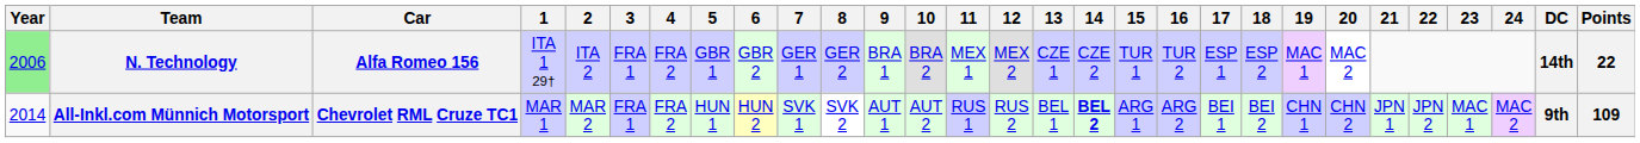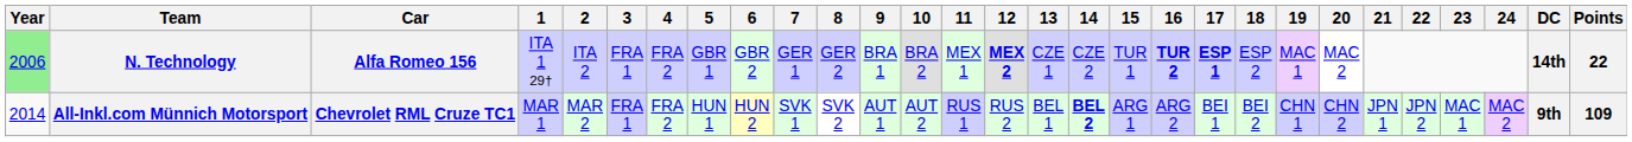 <table class="wikitable" style="text-align:center; font-size:85%">
 <tr>
 <th>Year</th>
 <th>Team</th>
 <th>Car</th>
 <th>1</th>
 <th>2</th>
 <th>3</th>
 <th>4</th>
 <th>5</th>
 <th>6</th>
 <th>7</th>
 <th>8</th>
 <th>9</th>
 <th>10</th>
 <th>11</th>
 <th>12</th>
 <th>13</th>
 <th>14</th>
 <th>15</th>
 <th>16</th>
 <th>17</th>
 <th>18</th>
 <th>19</th>
 <th>20</th>
 <th>21</th>
 <th>22</th>
 <th>23</th>
 <th>24</th>
 <th>DC</th>
 <th>Points</th>
 </tr>
 <tr>
 <td style="background: lightgreen;"><a href='#'>2006</a></td>
 <th nowrap><a href='#'>N. Technology</a></th>
 <th nowrap><a href='#'>Alfa Romeo 156</a></th>
 <td style="background:#cfcfff;"><a href='#'>ITA<br>1</a><br><small>29†</small></td>
 <td style="background:#cfcfff;"><a href='#'>ITA<br>2</a><br></td>
 <td style="background:#cfcfff;"><a href='#'>FRA<br>1</a><br></td>
 <td style="background:#cfcfff;"><a href='#'>FRA<br>2</a><br></td>
 <td style="background:#cfcfff;"><a href='#'>GBR<br>1</a><br></td>
 <td style="background:#dfffdf;"><a href='#'>GBR<br>2</a><br></td>
 <td style="background:#cfcfff;"><a href='#'>GER<br>1</a><br></td>
 <td style="background:#cfcfff;"><a href='#'>GER<br>2</a><br></td>
 <td style="background:#dfffdf;"><a href='#'>BRA<br>1</a><br></td>
 <td style="background:#dfdfdf;"><a href='#'>BRA<br>2</a><br></td>
 <td style="background:#dfffdf;"><a href='#'>MEX<br>1</a><br></td>
-<td style="background:#dfdfdf;"><a href='#'>MEX<br>2</a><br></td>
+<td style="background:#dfdfdf;"><strong><a href='#'>MEX<br>2</a><br></strong></td>
 <td style="background:#cfcfff;"><a href='#'>CZE<br>1</a><br></td>
 <td style="background:#cfcfff;"><a href='#'>CZE<br>2</a><br></td>
 <td style="background:#cfcfff;"><a href='#'>TUR<br>1</a><br></td>
-<td style="background:#cfcfff;"><a href='#'>TUR<br>2</a><br></td>
-<td style="background:#cfcfff;"><a href='#'>ESP<br>1</a><br></td>
+<td style="background:#cfcfff;"><strong><a href='#'>TUR<br>2</a><br></strong></td>
+<td style="background:#cfcfff;"><strong><a href='#'>ESP<br>1</a><br></strong></td>
 <td style="background:#cfcfff;"><a href='#'>ESP<br>2</a><br></td>
 <td style="background:#efcfff;"><a href='#'>MAC<br>1</a><br></td>
 <td style="background:#ffffff;"><a href='#'>MAC<br>2</a><br></td>
 <td colspan=4></td>
 <th>14th</th>
 <th>22</th>
 </tr>
 <tr>
 <td><a href='#'>2014</a></td>
 <th nowrap><a href='#'>All-Inkl.com Münnich Motorsport</a></th>
 <th nowrap><a href='#'>Chevrolet</a> <a href='#'>RML</a> <a href='#'>Cruze TC1</a></th>
 <td style="background:#CFCFFF;"><a href='#'>MAR<br>1</a><br></td>
 <td style="background:#DFFFDF;"><a href='#'>MAR<br>2</a><br></td>
 <td style="background:#CFCFFF;"><a href='#'>FRA<br>1</a><br></td>
 <td style="background:#DFFFDF;"><a href='#'>FRA<br>2</a><br></td>
 <td style="background:#DFFFDF;"><a href='#'>HUN<br>1</a><br></td>
 <td style="background:#FFFFBF;"><a href='#'>HUN<br>2</a><br></td>
 <td style="background:#DFFFDF;"><a href='#'>SVK<br>1</a><br></td>
 <td style="background:#FFFFFF;"><a href='#'>SVK<br>2</a><br></td>
 <td style="background:#DFFFDF;"><a href='#'>AUT<br>1</a><br></td>
 <td style="background:#DFFFDF;"><a href='#'>AUT<br>2</a><br></td>
 <td style="background:#CFCFFF;"><a href='#'>RUS<br>1</a><br></td>
 <td style="background:#DFFFDF;"><a href='#'>RUS<br>2</a><br></td>
 <td style="background:#DFFFDF;"><a href='#'>BEL<br>1</a><br></td>
 <td style="background:#DFFFDF;"><strong><a href='#'>BEL<br>2</a></strong><br></td>
 <td style="background:#CFCFFF;"><a href='#'>ARG<br>1</a><br></td>
 <td style="background:#CFCFFF;"><a href='#'>ARG<br>2</a><br></td>
 <td style="background:#DFFFDF;"><a href='#'>BEI<br>1</a><br></td>
 <td style="background:#DFFFDF;"><a href='#'>BEI<br>2</a><br></td>
 <td style="background:#CFCFFF;"><a href='#'>CHN<br>1</a><br></td>
 <td style="background:#CFCFFF;"><a href='#'>CHN<br>2</a><br></td>
 <td style="background:#DFFFDF;"><a href='#'>JPN<br>1</a><br></td>
 <td style="background:#DFFFDF;"><a href='#'>JPN<br>2</a><br></td>
 <td style="background:#DFFFDF;"><a href='#'>MAC<br>1</a><br></td>
 <td style="background:#EFCFFF;"><a href='#'>MAC<br>2</a><br></td>
 <th>9th</th>
 <th>109</th>
 </tr>
 </table>
